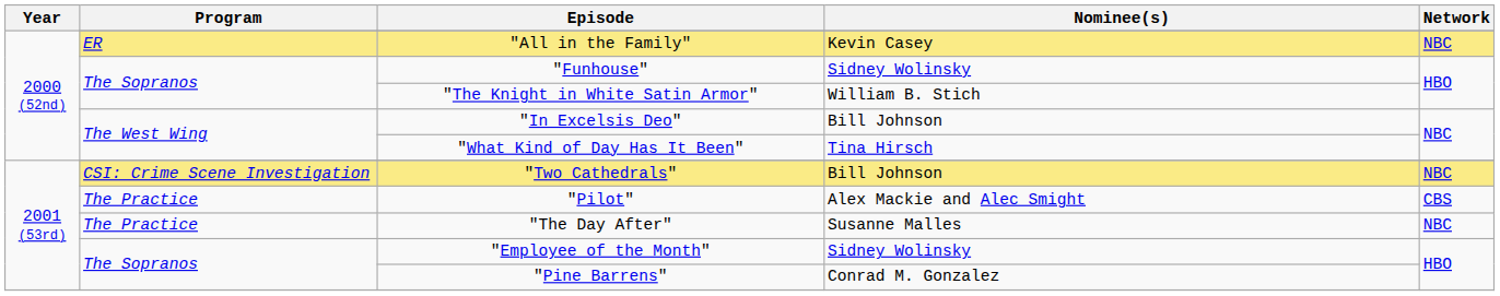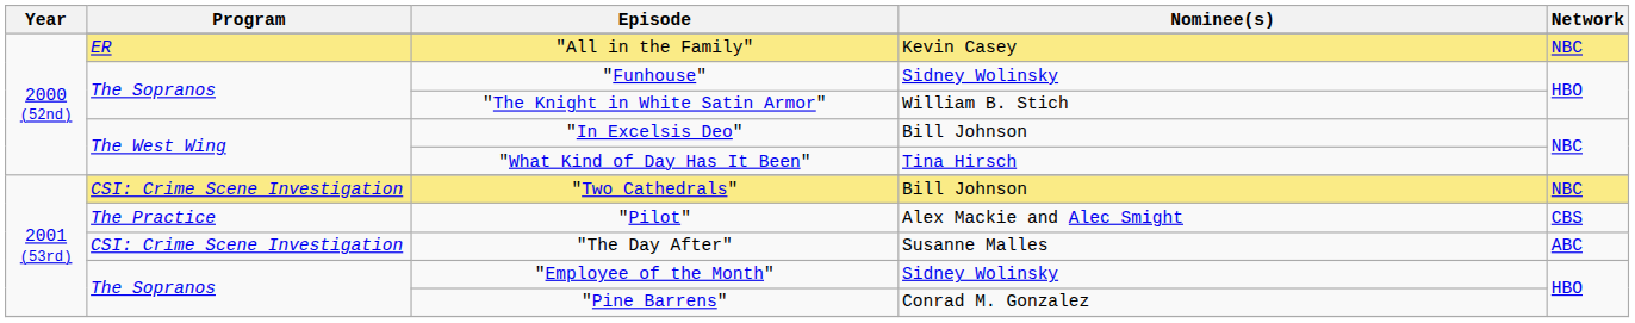 <table class="wikitable">
 <tr>
 <th width="5%">Year</th>
 <th width="20%">Program</th>
 <th width="30%">Episode</th>
 <th width="40%">Nominee(s)</th>
 <th width="5%">Network</th>
 </tr>
 <tr>
 <td rowspan=6 style="text-align:center;"><a href='#'>2000</a><br><small><a href='#'>(52nd)</a></small><br></td>
 </tr>
 <tr style="background:#FAEB86;">
 <td><em><a href='#'>ER</a></em></td>
 <td align=center>"All in the Family"</td>
 <td>Kevin Casey</td>
 <td><a href='#'>NBC</a></td>
 </tr>
 <tr>
 <td rowspan=2><em><a href='#'>The Sopranos</a></em></td>
 <td align=center>"<a href='#'>Funhouse</a>"</td>
 <td><a href='#'>Sidney Wolinsky</a></td>
 <td rowspan=2><a href='#'>HBO</a></td>
 </tr>
 <tr>
 <td align=center>"<a href='#'>The Knight in White Satin Armor</a>"</td>
 <td>William B. Stich</td>
 </tr>
 <tr>
 <td rowspan=2><em><a href='#'>The West Wing</a></em></td>
 <td align=center>"<a href='#'>In Excelsis Deo</a>"</td>
 <td>Bill Johnson</td>
 <td rowspan=2><a href='#'>NBC</a></td>
 </tr>
 <tr>
 <td align=center>"<a href='#'>What Kind of Day Has It Been</a>"</td>
 <td><a href='#'>Tina Hirsch</a></td>
 </tr>
 <tr>
 <td rowspan=6 style="text-align:center;"><a href='#'>2001</a><br><small><a href='#'>(53rd)</a></small><br></td>
 </tr>
 <tr style="background:#FAEB86;">
 <td><em><a href='#'>CSI: Crime Scene Investigation</a></em></td>
 <td align=center>"<a href='#'>Two Cathedrals</a>"</td>
 <td>Bill Johnson</td>
 <td><a href='#'>NBC</a></td>
 </tr>
 <tr>
 <td><em><a href='#'>The Practice</a></em></td>
 <td align=center>"<a href='#'>Pilot</a>"</td>
 <td>Alex Mackie and <a href='#'>Alec Smight</a></td>
 <td><a href='#'>CBS</a></td>
 </tr>
 <tr>
-<td><em><a href='#'>The Practice</a></em></td>
+<td><em><a href='#'>CSI: Crime Scene Investigation</a></em></td>
 <td align=center>"The Day After"</td>
 <td>Susanne Malles</td>
-<td><a href='#'>NBC</a></td>
+<td><a href='#'>ABC</a></td>
 </tr>
 <tr>
 <td rowspan=2><em><a href='#'>The Sopranos</a></em></td>
 <td align=center>"<a href='#'>Employee of the Month</a>"</td>
 <td><a href='#'>Sidney Wolinsky</a></td>
 <td rowspan=2><a href='#'>HBO</a></td>
 </tr>
 <tr>
 <td align=center>"<a href='#'>Pine Barrens</a>"</td>
 <td>Conrad M. Gonzalez</td>
 </tr>
 <tr>
 </tr>
 </table>
